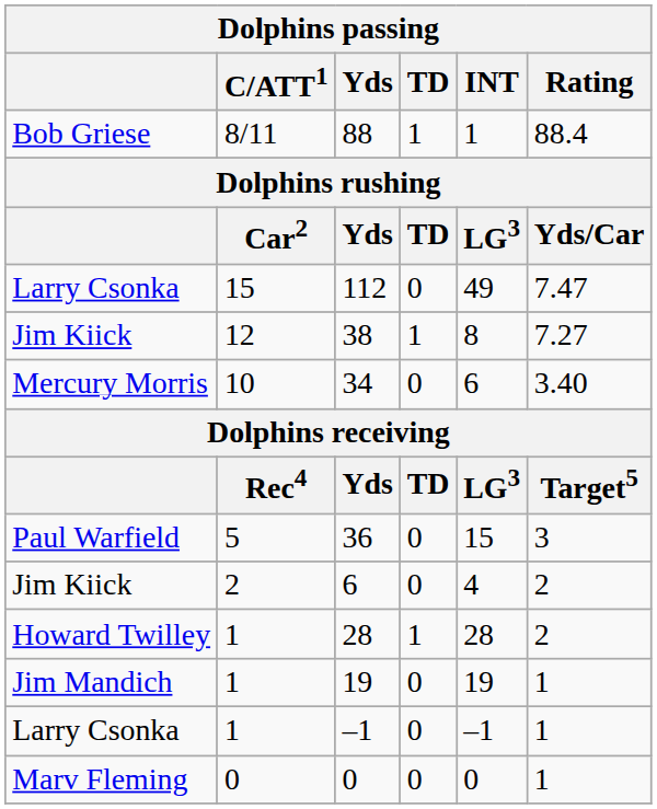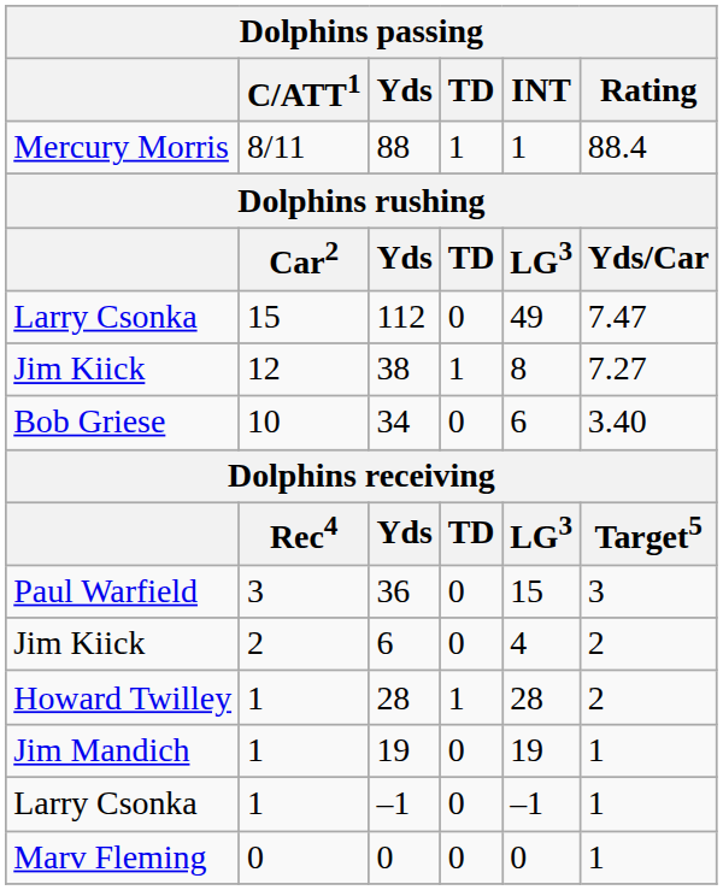 <table class="wikitable">
 <tr>
 <th colspan="6">Dolphins passing</th>
 </tr>
 <tr>
 <th></th>
 <th>C/ATT<sup>1</sup></th>
 <th>Yds</th>
 <th>TD</th>
 <th>INT</th>
 <th>Rating</th>
 </tr>
 <tr>
-<td><a href='#'>Bob Griese</a></td>
+<td><a href='#'>Mercury Morris</a></td>
 <td>8/11</td>
 <td>88</td>
 <td>1</td>
 <td>1</td>
 <td>88.4</td>
 </tr>
 <tr>
 <th colspan="6">Dolphins rushing</th>
 </tr>
 <tr>
 <th></th>
 <th>Car<sup>2</sup></th>
 <th>Yds</th>
 <th>TD</th>
 <th>LG<sup>3</sup></th>
 <th>Yds/Car</th>
 </tr>
 <tr>
 <td><a href='#'>Larry Csonka</a></td>
 <td>15</td>
 <td>112</td>
 <td>0</td>
 <td>49</td>
 <td>7.47</td>
 </tr>
 <tr>
 <td><a href='#'>Jim Kiick</a></td>
 <td>12</td>
 <td>38</td>
 <td>1</td>
 <td>8</td>
 <td>7.27</td>
 </tr>
 <tr>
-<td><a href='#'>Mercury Morris</a></td>
+<td><a href='#'>Bob Griese</a></td>
 <td>10</td>
 <td>34</td>
 <td>0</td>
 <td>6</td>
 <td>3.40</td>
 </tr>
 <tr>
 <th colspan="6">Dolphins receiving</th>
 </tr>
 <tr>
 <th></th>
 <th>Rec<sup>4</sup></th>
 <th>Yds</th>
 <th>TD</th>
 <th>LG<sup>3</sup></th>
 <th>Target<sup>5</sup></th>
 </tr>
 <tr>
 <td><a href='#'>Paul Warfield</a></td>
-<td>5</td>
+<td>3</td>
 <td>36</td>
 <td>0</td>
 <td>15</td>
 <td>3</td>
 </tr>
 <tr>
 <td>Jim Kiick</td>
 <td>2</td>
 <td>6</td>
 <td>0</td>
 <td>4</td>
 <td>2</td>
 </tr>
 <tr>
 <td><a href='#'>Howard Twilley</a></td>
 <td>1</td>
 <td>28</td>
 <td>1</td>
 <td>28</td>
 <td>2</td>
 </tr>
 <tr>
 <td><a href='#'>Jim Mandich</a></td>
 <td>1</td>
 <td>19</td>
 <td>0</td>
 <td>19</td>
 <td>1</td>
 </tr>
 <tr>
 <td>Larry Csonka</td>
 <td>1</td>
 <td>–1</td>
 <td>0</td>
 <td>–1</td>
 <td>1</td>
 </tr>
 <tr>
 <td><a href='#'>Marv Fleming</a></td>
 <td>0</td>
 <td>0</td>
 <td>0</td>
 <td>0</td>
 <td>1</td>
 </tr>
 </table>
